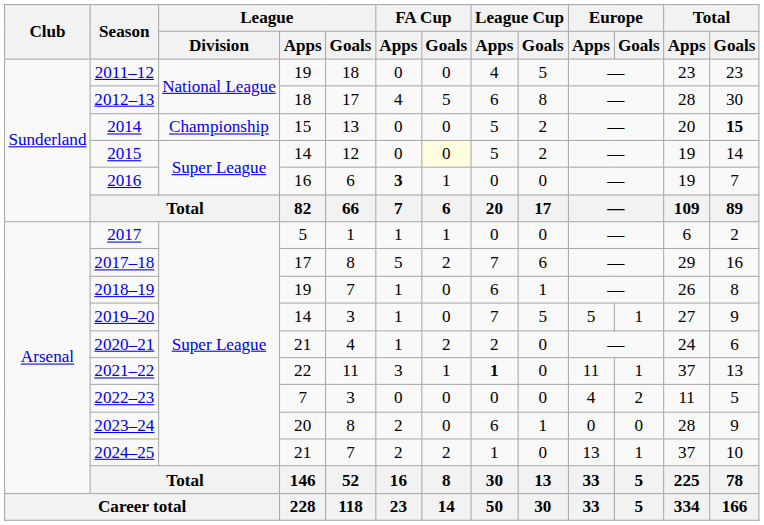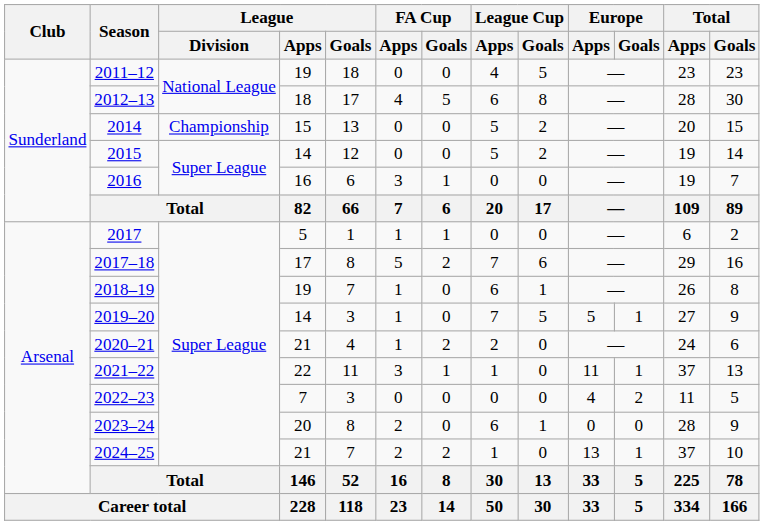 <table class="wikitable" style="text-align:center">
 <tr>
 <th rowspan="2">Club</th>
 <th rowspan="2">Season</th>
 <th colspan="3">League</th>
 <th colspan="2">FA Cup</th>
 <th colspan="2">League Cup</th>
 <th colspan="2">Europe</th>
 <th colspan="2">Total</th>
 </tr>
 <tr>
 <th>Division</th>
 <th>Apps</th>
 <th>Goals</th>
 <th>Apps</th>
 <th>Goals</th>
 <th>Apps</th>
 <th>Goals</th>
 <th>Apps</th>
 <th>Goals</th>
 <th>Apps</th>
 <th>Goals</th>
 </tr>
 <tr>
 <td rowspan="6"><a href='#'>Sunderland</a></td>
 <td><a href='#'>2011–12</a></td>
 <td rowspan="2"><a href='#'>National League</a></td>
 <td>19</td>
 <td>18</td>
 <td>0</td>
 <td>0</td>
 <td>4</td>
 <td>5</td>
 <td colspan=2>—</td>
 <td>23</td>
 <td>23</td>
 </tr>
 <tr>
 <td><a href='#'>2012–13</a></td>
 <td>18</td>
 <td>17</td>
 <td>4</td>
 <td>5</td>
 <td>6</td>
 <td>8</td>
 <td colspan=2>—</td>
 <td>28</td>
 <td>30</td>
 </tr>
 <tr>
 <td><a href='#'>2014</a></td>
 <td><a href='#'>Championship</a></td>
 <td>15</td>
 <td>13</td>
 <td>0</td>
 <td>0</td>
 <td>5</td>
 <td>2</td>
 <td colspan=2>—</td>
 <td>20</td>
-<td><strong>15</strong></td>
+<td>15</td>
 </tr>
 <tr>
 <td><a href='#'>2015</a></td>
 <td rowspan="2"><a href='#'>Super League</a></td>
 <td>14</td>
 <td>12</td>
 <td>0</td>
-<td style="background: lightyellow;">0</td>
+<td>0</td>
 <td>5</td>
 <td>2</td>
 <td colspan=2>—</td>
 <td>19</td>
 <td>14</td>
 </tr>
 <tr>
 <td><a href='#'>2016</a></td>
 <td>16</td>
 <td>6</td>
-<td><strong>3</strong></td>
+<td>3</td>
 <td>1</td>
 <td>0</td>
 <td>0</td>
 <td colspan=2>—</td>
 <td>19</td>
 <td>7</td>
 </tr>
 <tr>
 <th colspan="2">Total</th>
 <th>82</th>
 <th>66</th>
 <th>7</th>
 <th>6</th>
 <th>20</th>
 <th>17</th>
 <th colspan=2>—</th>
 <th>109</th>
 <th>89</th>
 </tr>
 <tr>
 <td rowspan="10"><a href='#'>Arsenal</a></td>
 <td><a href='#'>2017</a></td>
 <td rowspan="9"><a href='#'>Super League</a></td>
 <td>5</td>
 <td>1</td>
 <td>1</td>
 <td>1</td>
 <td>0</td>
 <td>0</td>
 <td colspan=2>—</td>
 <td>6</td>
 <td>2</td>
 </tr>
 <tr>
 <td><a href='#'>2017–18</a></td>
 <td>17</td>
 <td>8</td>
 <td>5</td>
 <td>2</td>
 <td>7</td>
 <td>6</td>
 <td colspan=2>—</td>
 <td>29</td>
 <td>16</td>
 </tr>
 <tr>
 <td><a href='#'>2018–19</a></td>
 <td>19</td>
 <td>7</td>
 <td>1</td>
 <td>0</td>
 <td>6</td>
 <td>1</td>
 <td colspan=2>—</td>
 <td>26</td>
 <td>8</td>
 </tr>
 <tr>
 <td><a href='#'>2019–20</a></td>
 <td>14</td>
 <td>3</td>
 <td>1</td>
 <td>0</td>
 <td>7</td>
 <td>5</td>
 <td>5</td>
 <td>1</td>
 <td>27</td>
 <td>9</td>
 </tr>
 <tr>
 <td><a href='#'>2020–21</a></td>
 <td>21</td>
 <td>4</td>
 <td>1</td>
 <td>2</td>
 <td>2</td>
 <td>0</td>
 <td colspan="2">—</td>
 <td>24</td>
 <td>6</td>
 </tr>
 <tr>
 <td><a href='#'>2021–22</a></td>
 <td>22</td>
 <td>11</td>
 <td>3</td>
 <td>1</td>
-<td><strong>1</strong></td>
+<td>1</td>
 <td>0</td>
 <td>11</td>
 <td>1</td>
 <td>37</td>
 <td>13</td>
 </tr>
 <tr>
 <td><a href='#'>2022–23</a></td>
 <td>7</td>
 <td>3</td>
 <td>0</td>
 <td>0</td>
 <td>0</td>
 <td>0</td>
 <td>4</td>
 <td>2</td>
 <td>11</td>
 <td>5</td>
 </tr>
 <tr>
 <td><a href='#'>2023–24</a></td>
 <td>20</td>
 <td>8</td>
 <td>2</td>
 <td>0</td>
 <td>6</td>
 <td>1</td>
 <td>0</td>
 <td>0</td>
 <td>28</td>
 <td>9</td>
 </tr>
 <tr>
 <td><a href='#'>2024–25</a></td>
 <td>21</td>
 <td>7</td>
 <td>2</td>
 <td>2</td>
 <td>1</td>
 <td>0</td>
 <td>13</td>
 <td>1</td>
 <td>37</td>
 <td>10</td>
 </tr>
 <tr>
 <th colspan="2">Total</th>
 <th>146</th>
 <th>52</th>
 <th>16</th>
 <th>8</th>
 <th>30</th>
 <th>13</th>
 <th>33</th>
 <th>5</th>
 <th>225</th>
 <th>78</th>
 </tr>
 <tr>
 <th colspan="3">Career total</th>
 <th>228</th>
 <th>118</th>
 <th>23</th>
 <th>14</th>
 <th>50</th>
 <th>30</th>
 <th>33</th>
 <th>5</th>
 <th>334</th>
 <th>166</th>
 </tr>
 </table>
